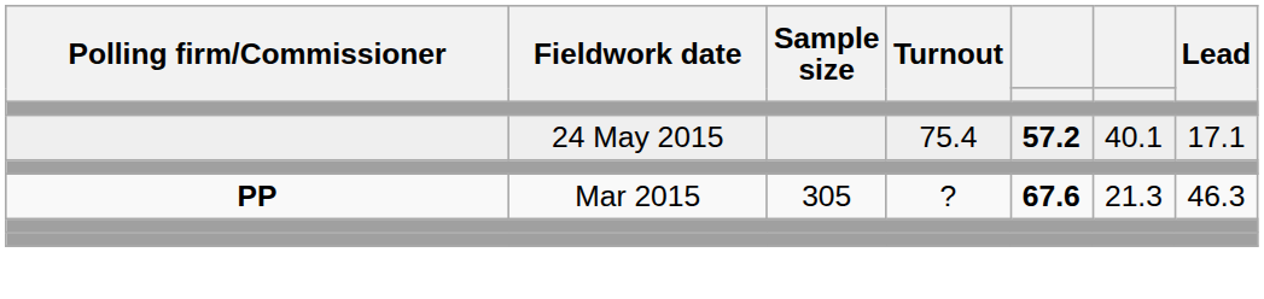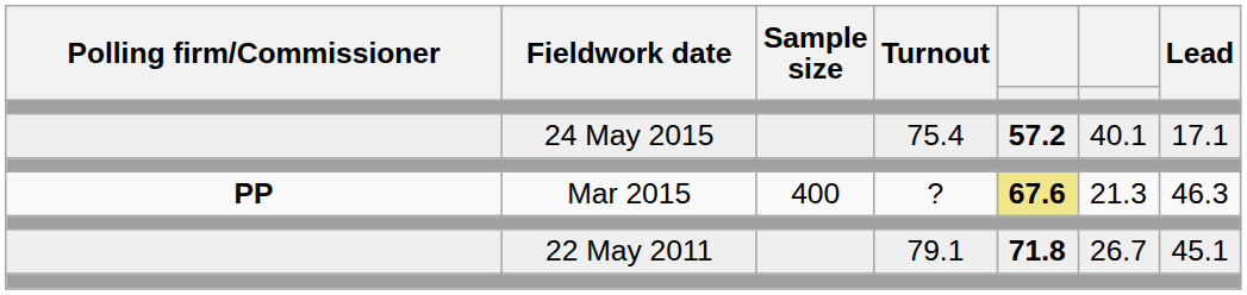 <table class="wikitable collapsible collapsed" style="text-align:center; font-size:95%; line-height:16px;">
 <tr style="height:42px;">
 <th style="width:250px;" rowspan="2">Polling firm/Commissioner</th>
 <th style="width:125px;" rowspan="2">Fieldwork date</th>
 <th style="width:50px;" rowspan="2">Sample size</th>
 <th style="width:45px;" rowspan="2">Turnout</th>
 <th style="width:35px;"></th>
 <th style="width:35px;"></th>
 <th style="width:30px;" rowspan="2">Lead</th>
 </tr>
 <tr>
 <th style="color:inherit;background:"></th>
 <th style="color:inherit;background:"></th>
 </tr>
 <tr>
 <td colspan="7" style="background:#A0A0A0"></td>
 </tr>
 <tr style="background:#EFEFEF;">
 <td><strong></strong></td>
 <td>24 May 2015</td>
 <td></td>
 <td>75.4</td>
 <td><strong>57.2</strong><br></td>
 <td>40.1<br></td>
 <td style="background:">17.1</td>
 </tr>
 <tr>
 <td colspan="7" style="background:#A0A0A0"></td>
 </tr>
 <tr>
 <td><strong>PP</strong></td>
 <td>Mar 2015</td>
-<td>305</td>
+<td>400</td>
 <td>?</td>
-<td><strong>67.6</strong><br></td>
+<td style="background: khaki;"><strong>67.6</strong><br></td>
 <td>21.3<br></td>
 <td style="background:">46.3</td>
 </tr>
 <tr>
 <td colspan="7" style="background:#A0A0A0"></td>
 </tr>
+<tr style="background:#EFEFEF;">
+<td><strong></strong></td>
+<td>22 May 2011</td>
+<td></td>
+<td>79.1</td>
+<td><strong>71.8</strong><br></td>
+<td>26.7<br></td>
+<td style="background:">45.1</td>
+</tr>
 <tr>
 <td colspan="7" style="background:#A0A0A0"></td>
 </tr>
 </table>
